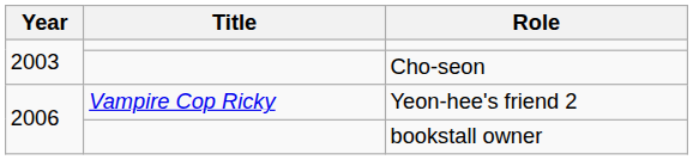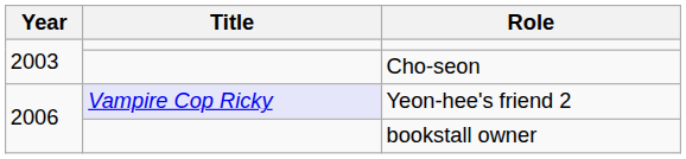 <table class="wikitable" style="width:500px;">
 <tr>
 <th width=50px>Year</th>
 <th>Title</th>
 <th>Role</th>
 </tr>
 <tr>
 <td rowspan=2>2003</td>
 <td><em></em></td>
 <td></td>
 </tr>
 <tr>
 <td><em></em></td>
 <td>Cho-seon</td>
 </tr>
 <tr>
 <td rowspan=2>2006</td>
-<td><em><a href='#'>Vampire Cop Ricky</a></em></td>
+<td style="background: lavender;"><em><a href='#'>Vampire Cop Ricky</a></em></td>
 <td>Yeon-hee's friend 2</td>
 </tr>
 <tr>
 <td><em></em></td>
 <td>bookstall owner</td>
 </tr>
 </table>
